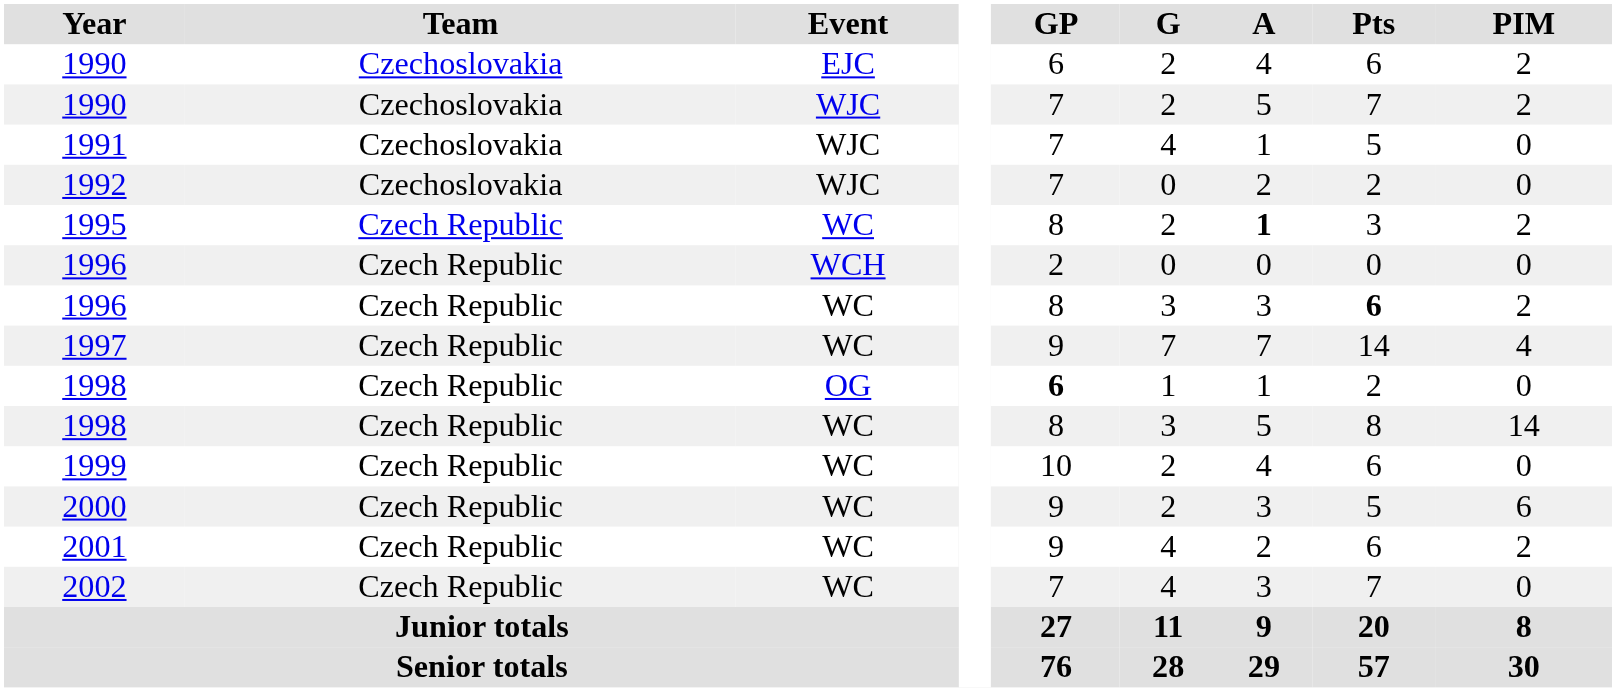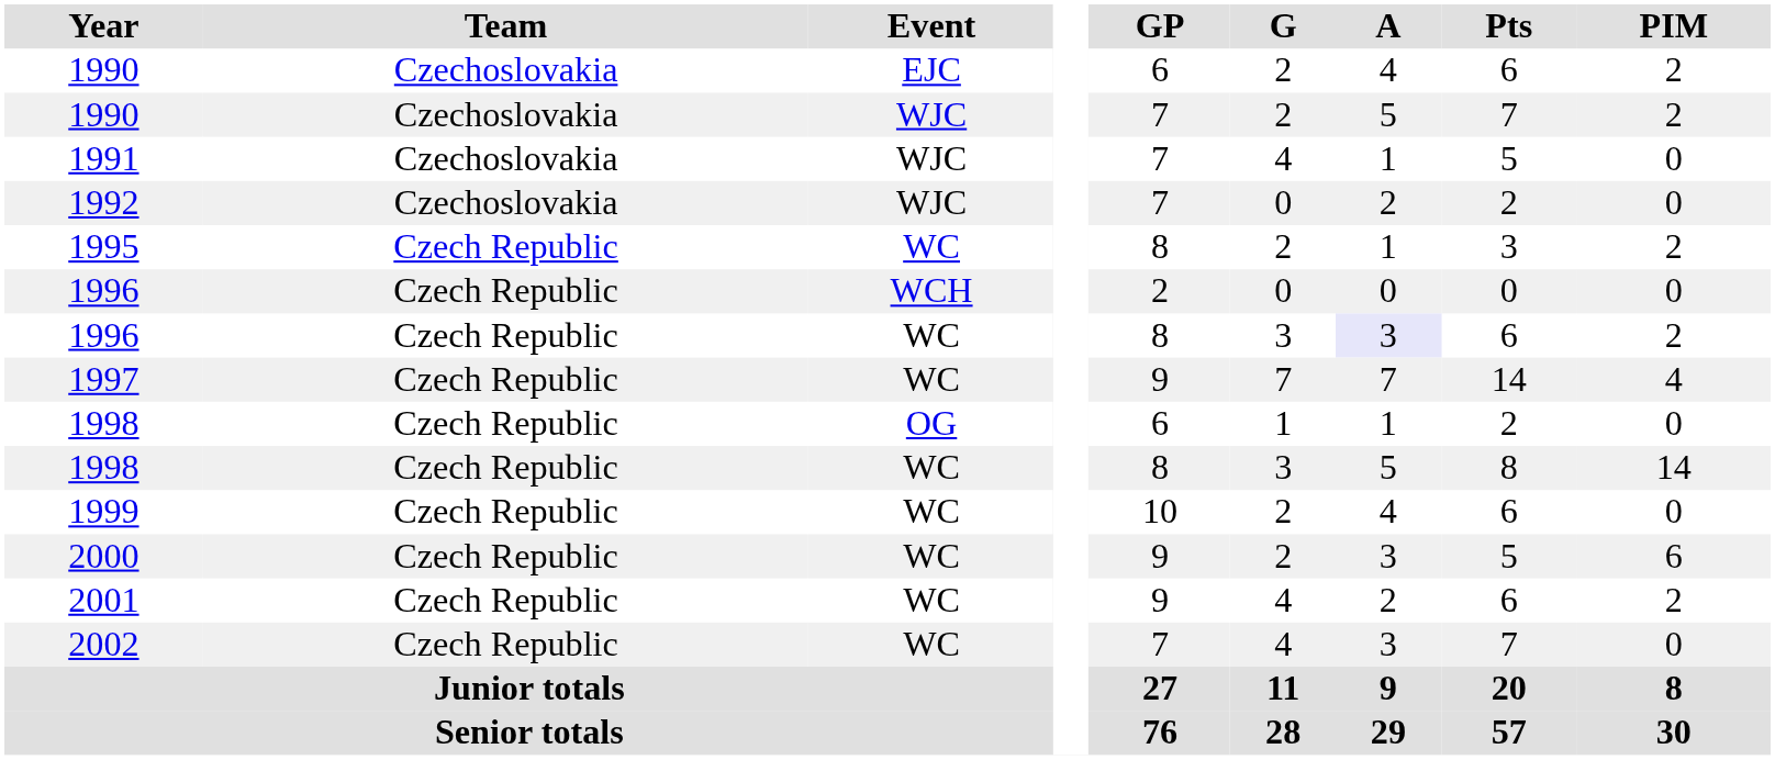 <table border="0" cellpadding="1" cellspacing="0" style="text-align:center; width:50em">
 <tr align="center" bgcolor="#e0e0e0">
 <th>Year</th>
 <th>Team</th>
 <th>Event</th>
 <th rowspan="99" bgcolor="#ffffff"> </th>
 <th>GP</th>
 <th>G</th>
 <th>A</th>
 <th>Pts</th>
 <th>PIM</th>
 </tr>
 <tr>
 <td><a href='#'>1990</a></td>
 <td><a href='#'>Czechoslovakia</a></td>
 <td><a href='#'>EJC</a></td>
 <td>6</td>
 <td>2</td>
 <td>4</td>
 <td>6</td>
 <td>2</td>
 </tr>
 <tr bgcolor="#f0f0f0">
 <td><a href='#'>1990</a></td>
 <td>Czechoslovakia</td>
 <td><a href='#'>WJC</a></td>
 <td>7</td>
 <td>2</td>
 <td>5</td>
 <td>7</td>
 <td>2</td>
 </tr>
 <tr>
 <td><a href='#'>1991</a></td>
 <td>Czechoslovakia</td>
 <td>WJC</td>
 <td>7</td>
 <td>4</td>
 <td>1</td>
 <td>5</td>
 <td>0</td>
 </tr>
 <tr bgcolor="#f0f0f0">
 <td><a href='#'>1992</a></td>
 <td>Czechoslovakia</td>
 <td>WJC</td>
 <td>7</td>
 <td>0</td>
 <td>2</td>
 <td>2</td>
 <td>0</td>
 </tr>
 <tr>
 <td><a href='#'>1995</a></td>
 <td><a href='#'>Czech Republic</a></td>
 <td><a href='#'>WC</a></td>
 <td>8</td>
 <td>2</td>
-<td><strong>1</strong></td>
+<td>1</td>
 <td>3</td>
 <td>2</td>
 </tr>
 <tr bgcolor="#f0f0f0">
 <td><a href='#'>1996</a></td>
 <td>Czech Republic</td>
 <td><a href='#'>WCH</a></td>
 <td>2</td>
 <td>0</td>
 <td>0</td>
 <td>0</td>
 <td>0</td>
 </tr>
 <tr>
 <td><a href='#'>1996</a></td>
 <td>Czech Republic</td>
 <td>WC</td>
 <td>8</td>
 <td>3</td>
-<td>3</td>
-<td><strong>6</strong></td>
+<td style="background: lavender;">3</td>
+<td>6</td>
 <td>2</td>
 </tr>
 <tr bgcolor="#f0f0f0">
 <td><a href='#'>1997</a></td>
 <td>Czech Republic</td>
 <td>WC</td>
 <td>9</td>
 <td>7</td>
 <td>7</td>
 <td>14</td>
 <td>4</td>
 </tr>
 <tr>
 <td><a href='#'>1998</a></td>
 <td>Czech Republic</td>
 <td><a href='#'>OG</a></td>
-<td><strong>6</strong></td>
+<td>6</td>
 <td>1</td>
 <td>1</td>
 <td>2</td>
 <td>0</td>
 </tr>
 <tr bgcolor="#f0f0f0">
 <td><a href='#'>1998</a></td>
 <td>Czech Republic</td>
 <td>WC</td>
 <td>8</td>
 <td>3</td>
 <td>5</td>
 <td>8</td>
 <td>14</td>
 </tr>
 <tr>
 <td><a href='#'>1999</a></td>
 <td>Czech Republic</td>
 <td>WC</td>
 <td>10</td>
 <td>2</td>
 <td>4</td>
 <td>6</td>
 <td>0</td>
 </tr>
 <tr bgcolor="#f0f0f0">
 <td><a href='#'>2000</a></td>
 <td>Czech Republic</td>
 <td>WC</td>
 <td>9</td>
 <td>2</td>
 <td>3</td>
 <td>5</td>
 <td>6</td>
 </tr>
 <tr>
 <td><a href='#'>2001</a></td>
 <td>Czech Republic</td>
 <td>WC</td>
 <td>9</td>
 <td>4</td>
 <td>2</td>
 <td>6</td>
 <td>2</td>
 </tr>
 <tr bgcolor="#f0f0f0">
 <td><a href='#'>2002</a></td>
 <td>Czech Republic</td>
 <td>WC</td>
 <td>7</td>
 <td>4</td>
 <td>3</td>
 <td>7</td>
 <td>0</td>
 </tr>
 <tr bgcolor="#e0e0e0">
 <th colspan=3>Junior totals</th>
 <th>27</th>
 <th>11</th>
 <th>9</th>
 <th>20</th>
 <th>8</th>
 </tr>
 <tr bgcolor="#e0e0e0">
 <th colspan=3>Senior totals</th>
 <th>76</th>
 <th>28</th>
 <th>29</th>
 <th>57</th>
 <th>30</th>
 </tr>
 </table>
